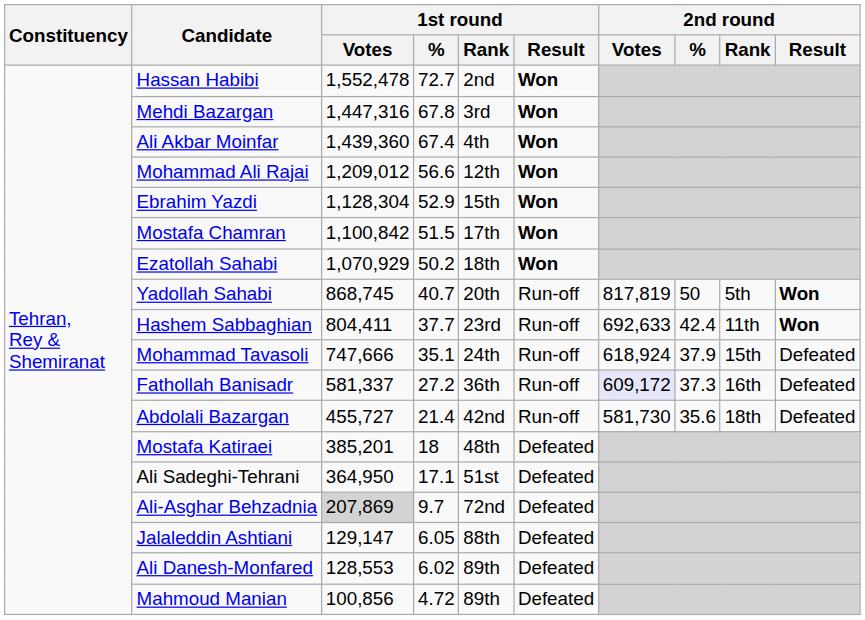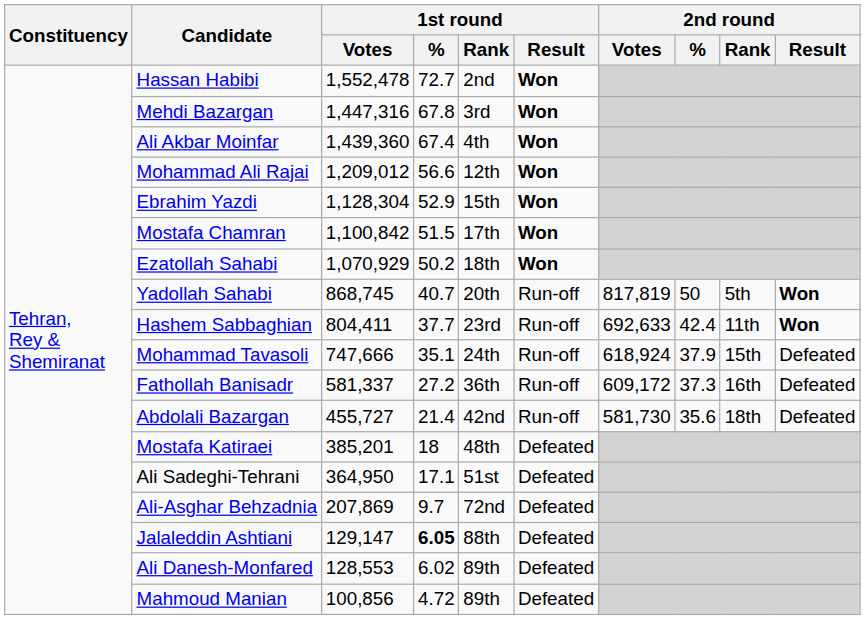 <table class="wikitable" style="font-size:97%; text-align:left;">
 <tr>
 <th rowspan="2">Constituency</th>
 <th rowspan="2">Candidate</th>
 <th colspan="4">1st round</th>
 <th colspan="4">2nd round</th>
 </tr>
 <tr>
 <th>Votes</th>
 <th>%</th>
 <th>Rank</th>
 <th>Result</th>
 <th>Votes</th>
 <th>%</th>
 <th>Rank</th>
 <th>Result</th>
 </tr>
 <tr>
 <td rowspan=18><a href='#'>Tehran,<br>Rey &<br>Shemiranat</a></td>
 <td><a href='#'>Hassan Habibi</a></td>
 <td>1,552,478</td>
 <td>72.7</td>
 <td>2nd</td>
 <td><strong>Won</strong></td>
 <td colspan="4" bgcolor="lightgrey"></td>
 </tr>
 <tr>
 <td><a href='#'>Mehdi Bazargan</a></td>
 <td>1,447,316</td>
 <td>67.8</td>
 <td>3rd</td>
 <td><strong>Won</strong></td>
 <td colspan="4" bgcolor="lightgrey"></td>
 </tr>
 <tr>
 <td><a href='#'>Ali Akbar Moinfar</a></td>
 <td>1,439,360</td>
 <td>67.4</td>
 <td>4th</td>
 <td><strong>Won</strong></td>
 <td colspan="4" bgcolor="lightgrey"></td>
 </tr>
 <tr>
 <td><a href='#'>Mohammad Ali Rajai</a></td>
 <td>1,209,012</td>
 <td>56.6</td>
 <td>12th</td>
 <td><strong>Won</strong></td>
 <td colspan="4" bgcolor="lightgrey"></td>
 </tr>
 <tr>
 <td><a href='#'>Ebrahim Yazdi</a></td>
 <td>1,128,304</td>
 <td>52.9</td>
 <td>15th</td>
 <td><strong>Won</strong></td>
 <td colspan="4" bgcolor="lightgrey"></td>
 </tr>
 <tr>
 <td><a href='#'>Mostafa Chamran</a></td>
 <td>1,100,842</td>
 <td>51.5</td>
 <td>17th</td>
 <td><strong>Won</strong></td>
 <td colspan="4" bgcolor="lightgrey"></td>
 </tr>
 <tr>
 <td><a href='#'>Ezatollah Sahabi</a></td>
 <td>1,070,929</td>
 <td>50.2</td>
 <td>18th</td>
 <td><strong>Won</strong></td>
 <td colspan="4" bgcolor="lightgrey"></td>
 </tr>
 <tr>
 <td><a href='#'>Yadollah Sahabi</a></td>
 <td>868,745</td>
 <td>40.7</td>
 <td>20th</td>
 <td>Run-off</td>
 <td>817,819</td>
 <td>50</td>
 <td>5th</td>
 <td><strong>Won</strong></td>
 </tr>
 <tr>
 <td><a href='#'>Hashem Sabbaghian</a></td>
 <td>804,411</td>
 <td>37.7</td>
 <td>23rd</td>
 <td>Run-off</td>
 <td>692,633</td>
 <td>42.4</td>
 <td>11th</td>
 <td><strong>Won</strong></td>
 </tr>
 <tr>
 <td><a href='#'>Mohammad Tavasoli</a></td>
 <td>747,666</td>
 <td>35.1</td>
 <td>24th</td>
 <td>Run-off</td>
 <td>618,924</td>
 <td>37.9</td>
 <td>15th</td>
 <td>Defeated</td>
 </tr>
 <tr>
 <td><a href='#'>Fathollah Banisadr</a></td>
 <td>581,337</td>
 <td>27.2</td>
 <td>36th</td>
 <td>Run-off</td>
-<td style="background: lavender;">609,172</td>
+<td>609,172</td>
 <td>37.3</td>
 <td>16th</td>
 <td>Defeated</td>
 </tr>
 <tr>
 <td><a href='#'>Abdolali Bazargan</a></td>
 <td>455,727</td>
 <td>21.4</td>
 <td>42nd</td>
 <td>Run-off</td>
 <td>581,730</td>
 <td>35.6</td>
 <td>18th</td>
 <td>Defeated</td>
 </tr>
 <tr>
 <td><a href='#'>Mostafa Katiraei</a></td>
 <td>385,201</td>
 <td>18</td>
 <td>48th</td>
 <td>Defeated</td>
 <td colspan="4" bgcolor="lightgrey"></td>
 </tr>
 <tr>
 <td>Ali Sadeghi-Tehrani</td>
 <td>364,950</td>
 <td>17.1</td>
 <td>51st</td>
 <td>Defeated</td>
 <td colspan="4" bgcolor="lightgrey"></td>
 </tr>
 <tr>
 <td><a href='#'>Ali-Asghar Behzadnia</a></td>
-<td style="background: lightgrey;">207,869</td>
+<td>207,869</td>
 <td>9.7</td>
 <td>72nd</td>
 <td>Defeated</td>
 <td colspan="4" bgcolor="lightgrey"></td>
 </tr>
 <tr>
 <td><a href='#'>Jalaleddin Ashtiani</a></td>
 <td>129,147</td>
-<td>6.05</td>
+<td><strong>6.05</strong></td>
 <td>88th</td>
 <td>Defeated</td>
 <td colspan="4" bgcolor="lightgrey"></td>
 </tr>
 <tr>
 <td><a href='#'>Ali Danesh-Monfared</a></td>
 <td>128,553</td>
 <td>6.02</td>
 <td>89th</td>
 <td>Defeated</td>
 <td colspan="4" bgcolor="lightgrey"></td>
 </tr>
 <tr>
 <td><a href='#'>Mahmoud Manian</a></td>
 <td>100,856</td>
 <td>4.72</td>
 <td>89th</td>
 <td>Defeated</td>
 <td colspan="4" bgcolor="lightgrey"></td>
 </tr>
 </table>
